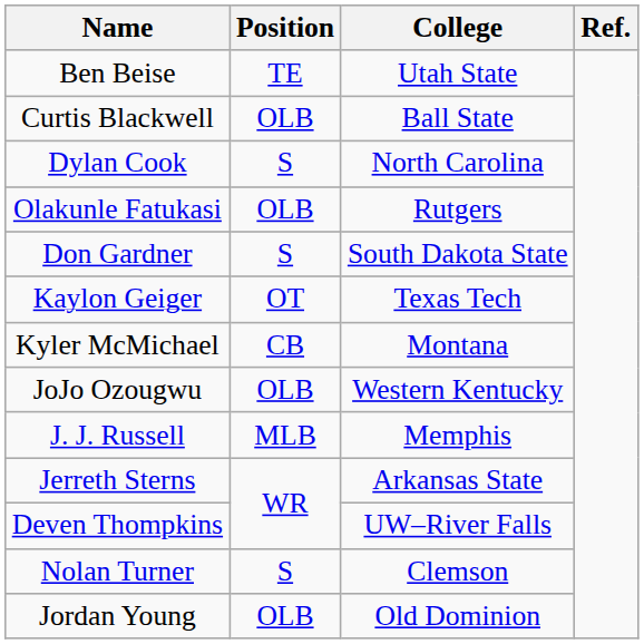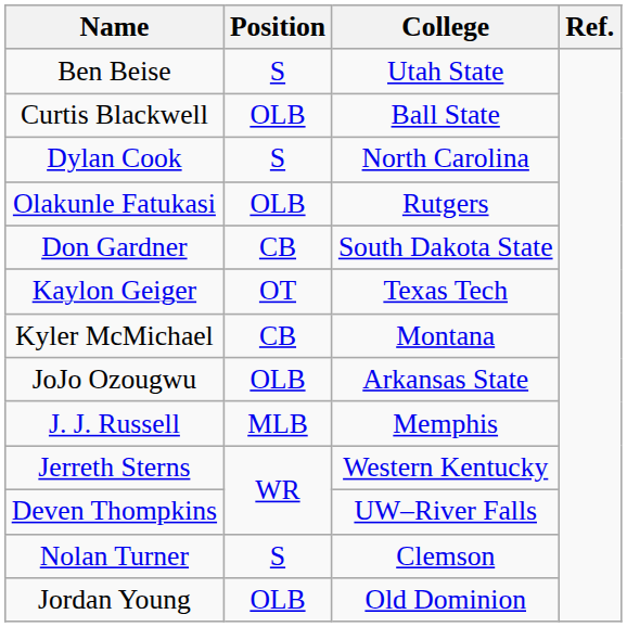 <table class="wikitable" style="text-align:center">
 <tr>
 <th>Name</th>
 <th>Position</th>
 <th>College</th>
 <th>Ref.</th>
 </tr>
 <tr>
 <td>Ben Beise</td>
-<td><a href='#'>TE</a></td>
+<td><a href='#'>S</a></td>
 <td><a href='#'>Utah State</a></td>
 <td rowspan = 13></td>
 </tr>
 <tr>
 <td>Curtis Blackwell</td>
 <td><a href='#'>OLB</a></td>
 <td><a href='#'>Ball State</a></td>
 </tr>
 <tr>
 <td><a href='#'>Dylan Cook</a></td>
 <td><a href='#'>S</a></td>
 <td><a href='#'>North Carolina</a></td>
 </tr>
 <tr>
 <td><a href='#'>Olakunle Fatukasi</a></td>
 <td><a href='#'>OLB</a></td>
 <td><a href='#'>Rutgers</a></td>
 </tr>
 <tr>
 <td><a href='#'>Don Gardner</a></td>
-<td><a href='#'>S</a></td>
+<td><a href='#'>CB</a></td>
 <td><a href='#'>South Dakota State</a></td>
 </tr>
 <tr>
 <td><a href='#'>Kaylon Geiger</a></td>
 <td><a href='#'>OT</a></td>
 <td><a href='#'>Texas Tech</a></td>
 </tr>
 <tr>
 <td>Kyler McMichael</td>
 <td><a href='#'>CB</a></td>
 <td><a href='#'>Montana</a></td>
 </tr>
 <tr>
 <td>JoJo Ozougwu</td>
 <td><a href='#'>OLB</a></td>
-<td><a href='#'>Western Kentucky</a></td>
+<td><a href='#'>Arkansas State</a></td>
 </tr>
 <tr>
 <td><a href='#'>J. J. Russell</a></td>
 <td><a href='#'>MLB</a></td>
 <td><a href='#'>Memphis</a></td>
 </tr>
 <tr>
 <td><a href='#'>Jerreth Sterns</a></td>
 <td rowspan = 2><a href='#'>WR</a></td>
-<td><a href='#'>Arkansas State</a></td>
+<td><a href='#'>Western Kentucky</a></td>
 </tr>
 <tr>
 <td><a href='#'>Deven Thompkins</a></td>
 <td><a href='#'>UW–River Falls</a></td>
 </tr>
 <tr>
 <td><a href='#'>Nolan Turner</a></td>
 <td><a href='#'>S</a></td>
 <td><a href='#'>Clemson</a></td>
 </tr>
 <tr>
 <td>Jordan Young</td>
 <td><a href='#'>OLB</a></td>
 <td><a href='#'>Old Dominion</a></td>
 </tr>
 </table>
